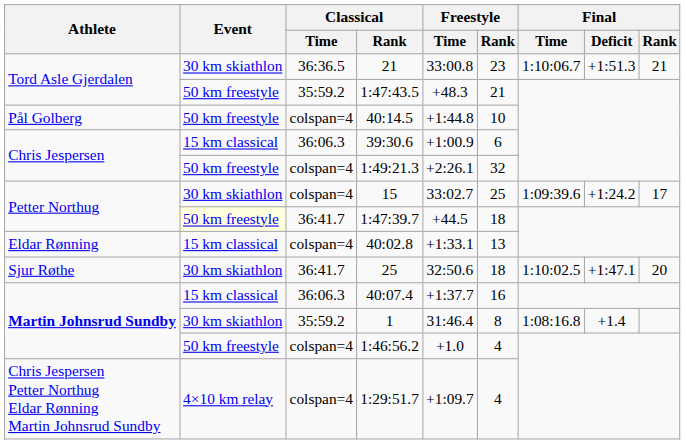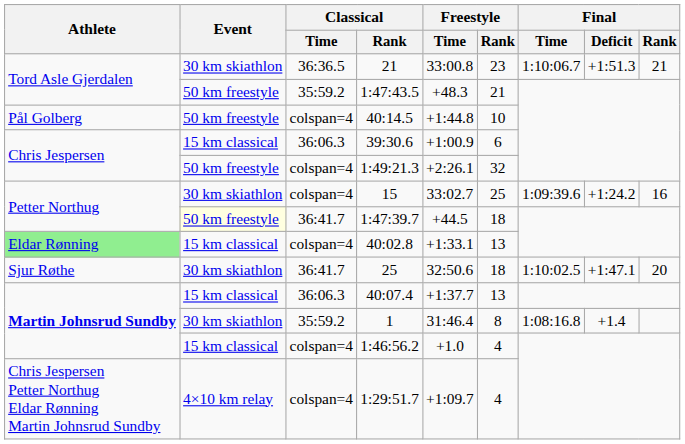 <table class="wikitable" style="font-size:90%">
 <tr>
 <th rowspan=2>Athlete</th>
 <th rowspan=2>Event</th>
 <th colspan=2>Classical</th>
 <th colspan=2>Freestyle</th>
 <th colspan=3>Final</th>
 </tr>
 <tr style="font-size: 95%">
 <th>Time</th>
 <th>Rank</th>
 <th>Time</th>
 <th>Rank</th>
 <th>Time</th>
 <th>Deficit</th>
 <th>Rank</th>
 </tr>
 <tr align=center>
 <td align=left rowspan=2><a href='#'>Tord Asle Gjerdalen</a></td>
 <td align=left><a href='#'>30 km skiathlon</a></td>
 <td>36:36.5</td>
 <td>21</td>
 <td>33:00.8</td>
 <td>23</td>
 <td>1:10:06.7</td>
 <td>+1:51.3</td>
 <td>21</td>
 </tr>
 <tr align=center>
 <td align=left><a href='#'>50 km freestyle</a></td>
 <td>35:59.2</td>
 <td>1:47:43.5</td>
 <td>+48.3</td>
 <td>21</td>
 </tr>
 <tr align=center>
 <td align=left><a href='#'>Pål Golberg</a></td>
 <td align=left><a href='#'>50 km freestyle</a></td>
 <td>colspan=4 </td>
 <td>40:14.5</td>
 <td>+1:44.8</td>
 <td>10</td>
 </tr>
 <tr align=center>
 <td align=left rowspan=2><a href='#'>Chris Jespersen</a></td>
 <td align=left><a href='#'>15 km classical</a></td>
 <td>36:06.3</td>
 <td>39:30.6</td>
 <td>+1:00.9</td>
 <td>6</td>
 </tr>
 <tr align=center>
 <td align=left><a href='#'>50 km freestyle</a></td>
 <td>colspan=4 </td>
 <td>1:49:21.3</td>
 <td>+2:26.1</td>
 <td>32</td>
 </tr>
 <tr align=center>
 <td align=left rowspan=2><a href='#'>Petter Northug</a></td>
 <td align=left><a href='#'>30 km skiathlon</a></td>
 <td>colspan=4 </td>
 <td>15</td>
 <td>33:02.7</td>
 <td>25</td>
 <td>1:09:39.6</td>
 <td>+1:24.2</td>
-<td>17</td>
+<td>16</td>
 </tr>
 <tr align=center>
 <td align=left style="background: lightyellow;"><a href='#'>50 km freestyle</a></td>
 <td>36:41.7</td>
 <td>1:47:39.7</td>
 <td>+44.5</td>
 <td>18</td>
 </tr>
 <tr align=center>
-<td align=left><a href='#'>Eldar Rønning</a></td>
+<td align=left style="background: lightgreen;"><a href='#'>Eldar Rønning</a></td>
 <td align=left><a href='#'>15 km classical</a></td>
 <td>colspan=4 </td>
 <td>40:02.8</td>
 <td>+1:33.1</td>
 <td>13</td>
 </tr>
 <tr align=center>
 <td align=left><a href='#'>Sjur Røthe</a></td>
 <td align=left><a href='#'>30 km skiathlon</a></td>
 <td>36:41.7</td>
 <td>25</td>
 <td>32:50.6</td>
 <td>18</td>
 <td>1:10:02.5</td>
 <td>+1:47.1</td>
 <td>20</td>
 </tr>
 <tr align=center>
 <td align=left rowspan=3><strong><a href='#'>Martin Johnsrud Sundby</a></strong></td>
 <td align=left><a href='#'>15 km classical</a></td>
 <td>36:06.3</td>
 <td>40:07.4</td>
 <td>+1:37.7</td>
-<td>16</td>
+<td>13</td>
 </tr>
 <tr align=center>
 <td align=left><a href='#'>30 km skiathlon</a></td>
 <td>35:59.2</td>
 <td>1</td>
 <td>31:46.4</td>
 <td>8</td>
 <td>1:08:16.8</td>
 <td>+1.4</td>
 <td></td>
 </tr>
 <tr align=center>
-<td align=left><a href='#'>50 km freestyle</a></td>
+<td align=left><a href='#'>15 km classical</a></td>
 <td>colspan=4 </td>
 <td>1:46:56.2</td>
 <td>+1.0</td>
 <td>4</td>
 </tr>
 <tr align=center>
 <td align=left><a href='#'>Chris Jespersen</a><br><a href='#'>Petter Northug</a><br><a href='#'>Eldar Rønning</a><br><a href='#'>Martin Johnsrud Sundby</a></td>
 <td align=left><a href='#'>4×10 km relay</a></td>
 <td>colspan=4 </td>
 <td>1:29:51.7</td>
 <td>+1:09.7</td>
 <td>4</td>
 </tr>
 </table>
